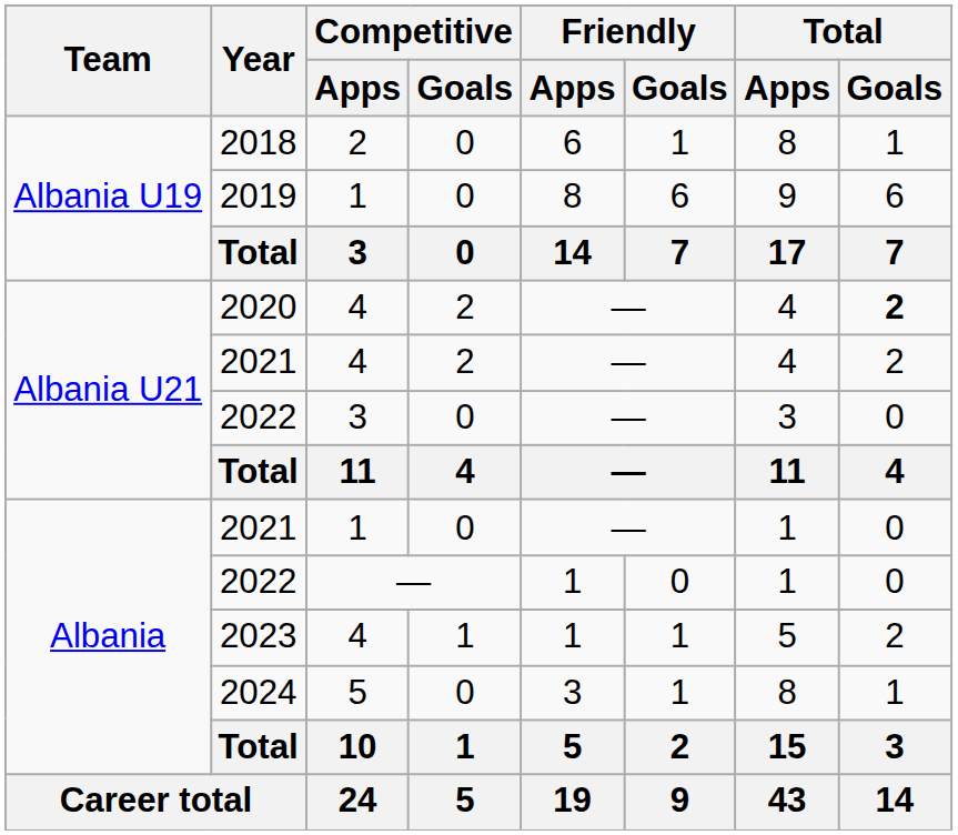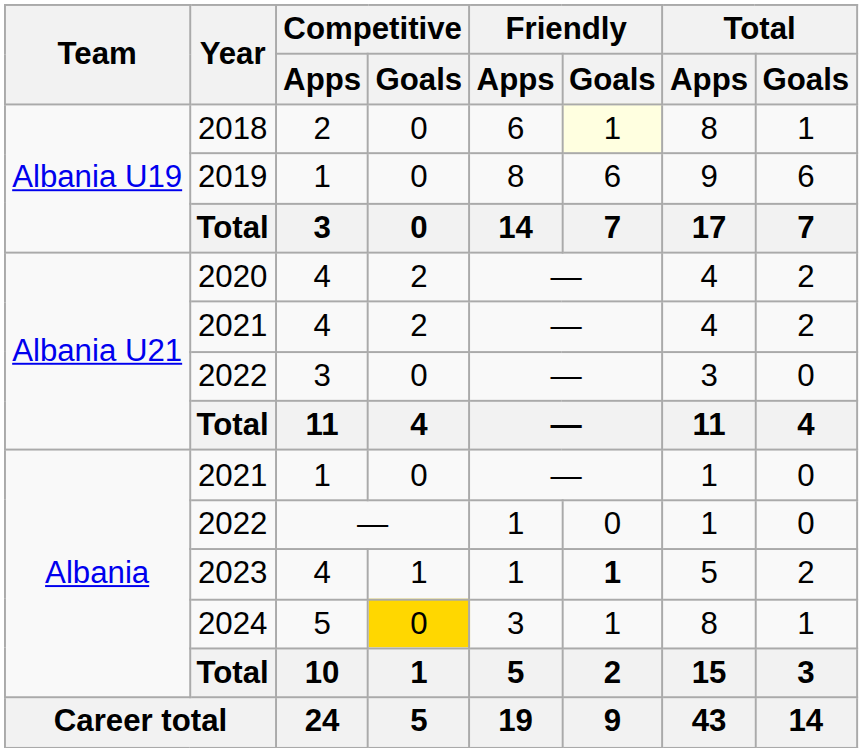 <table class="wikitable" style="text-align:center">
 <tr>
 <th rowspan=2>Team</th>
 <th rowspan=2>Year</th>
 <th colspan=2>Competitive</th>
 <th colspan=2>Friendly</th>
 <th colspan=2>Total</th>
 </tr>
 <tr>
 <th>Apps</th>
 <th>Goals</th>
 <th>Apps</th>
 <th>Goals</th>
 <th>Apps</th>
 <th>Goals</th>
 </tr>
 <tr>
 <td rowspan="3"><a href='#'>Albania U19</a></td>
 <td>2018</td>
 <td>2</td>
 <td>0</td>
 <td>6</td>
-<td>1</td>
+<td style="background: lightyellow;">1</td>
 <td>8</td>
 <td>1</td>
 </tr>
 <tr>
 <td>2019</td>
 <td>1</td>
 <td>0</td>
 <td>8</td>
 <td>6</td>
 <td>9</td>
 <td>6</td>
 </tr>
 <tr>
 <th>Total</th>
 <th>3</th>
 <th>0</th>
 <th>14</th>
 <th>7</th>
 <th>17</th>
 <th>7</th>
 </tr>
 <tr>
 <td rowspan="4"><a href='#'>Albania U21</a></td>
 <td>2020</td>
 <td>4</td>
 <td>2</td>
 <td colspan=2>—</td>
 <td>4</td>
-<td><strong>2</strong></td>
+<td>2</td>
 </tr>
 <tr>
 <td>2021</td>
 <td>4</td>
 <td>2</td>
 <td colspan=2>—</td>
 <td>4</td>
 <td>2</td>
 </tr>
 <tr>
 <td>2022</td>
 <td>3</td>
 <td>0</td>
 <td colspan=2>—</td>
 <td>3</td>
 <td>0</td>
 </tr>
 <tr>
 <th>Total</th>
 <th>11</th>
 <th>4</th>
 <th colspan=2>—</th>
 <th>11</th>
 <th>4</th>
 </tr>
 <tr>
 <td rowspan="5"><a href='#'>Albania</a></td>
 <td>2021</td>
 <td>1</td>
 <td>0</td>
 <td colspan=2>—</td>
 <td>1</td>
 <td>0</td>
 </tr>
 <tr>
 <td>2022</td>
 <td colspan=2>—</td>
 <td>1</td>
 <td>0</td>
 <td>1</td>
 <td>0</td>
 </tr>
 <tr>
 <td>2023</td>
 <td>4</td>
 <td>1</td>
 <td>1</td>
-<td>1</td>
+<td><strong>1</strong></td>
 <td>5</td>
 <td>2</td>
 </tr>
 <tr>
 <td>2024</td>
 <td>5</td>
-<td>0</td>
+<td style="background: gold;">0</td>
 <td>3</td>
 <td>1</td>
 <td>8</td>
 <td>1</td>
 </tr>
 <tr>
 <th>Total</th>
 <th>10</th>
 <th>1</th>
 <th>5</th>
 <th>2</th>
 <th>15</th>
 <th>3</th>
 </tr>
 <tr>
 <th colspan="2">Career total</th>
 <th>24</th>
 <th>5</th>
 <th>19</th>
 <th>9</th>
 <th>43</th>
 <th>14</th>
 </tr>
 </table>
